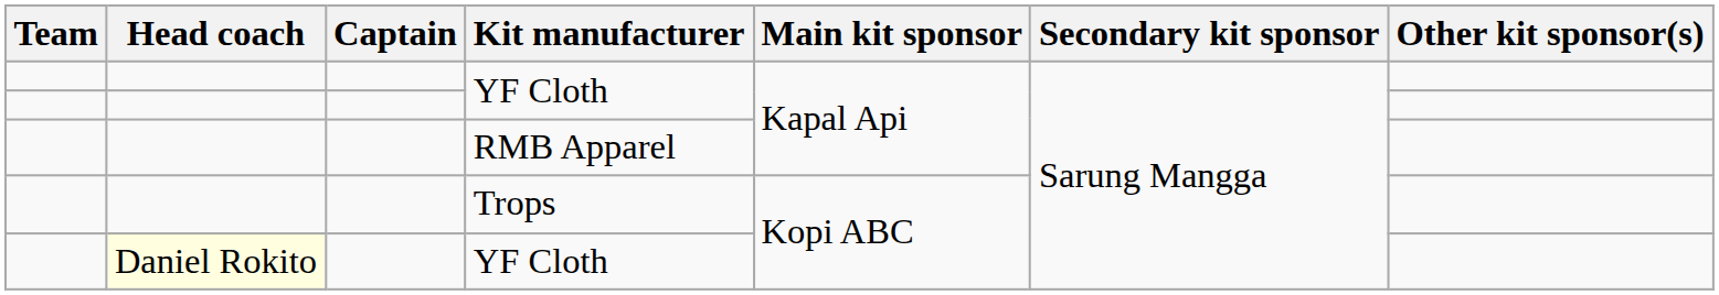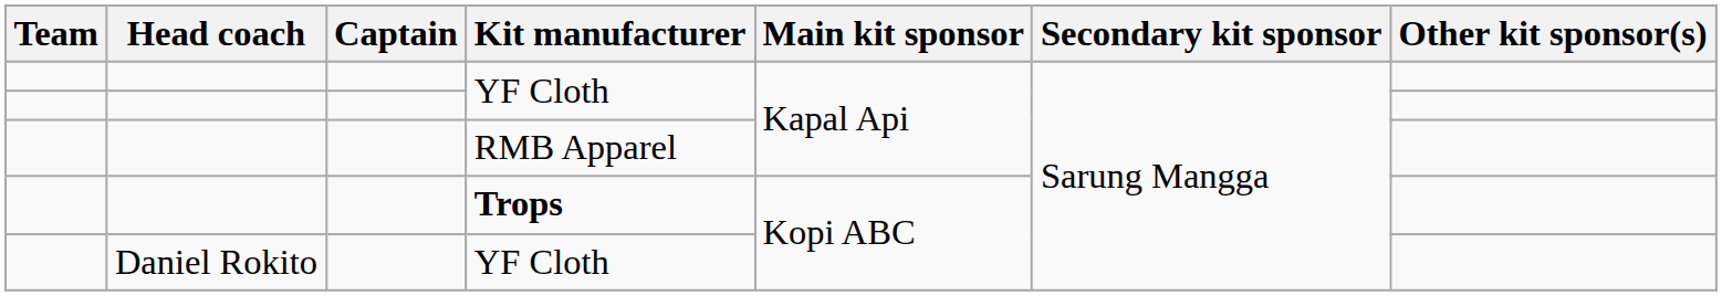 <table class="wikitable">
 <tr>
 <th>Team</th>
 <th>Head coach</th>
 <th>Captain</th>
 <th class="nowrap">Kit manufacturer</th>
 <th>Main kit sponsor</th>
 <th>Secondary kit sponsor</th>
 <th>Other kit sponsor(s)</th>
 </tr>
 <tr>
 <td></td>
 <td></td>
 <td></td>
 <td rowspan=2> YF Cloth</td>
 <td rowspan=3>Kapal Api</td>
 <td rowspan=5>Sarung Mangga</td>
 <td></td>
 </tr>
 <tr>
 <td></td>
 <td></td>
 <td></td>
 <td></td>
 </tr>
 <tr>
 <td></td>
 <td></td>
 <td></td>
 <td> RMB Apparel</td>
 <td></td>
 </tr>
 <tr>
 <td></td>
 <td></td>
 <td></td>
-<td> Trops</td>
+<td><strong> Trops</strong></td>
 <td rowspan=2>Kopi ABC</td>
 <td></td>
 </tr>
 <tr>
 <td></td>
-<td style="background: lightyellow;"> Daniel Rokito</td>
+<td> Daniel Rokito</td>
 <td></td>
 <td> YF Cloth</td>
 <td></td>
 </tr>
 </table>
